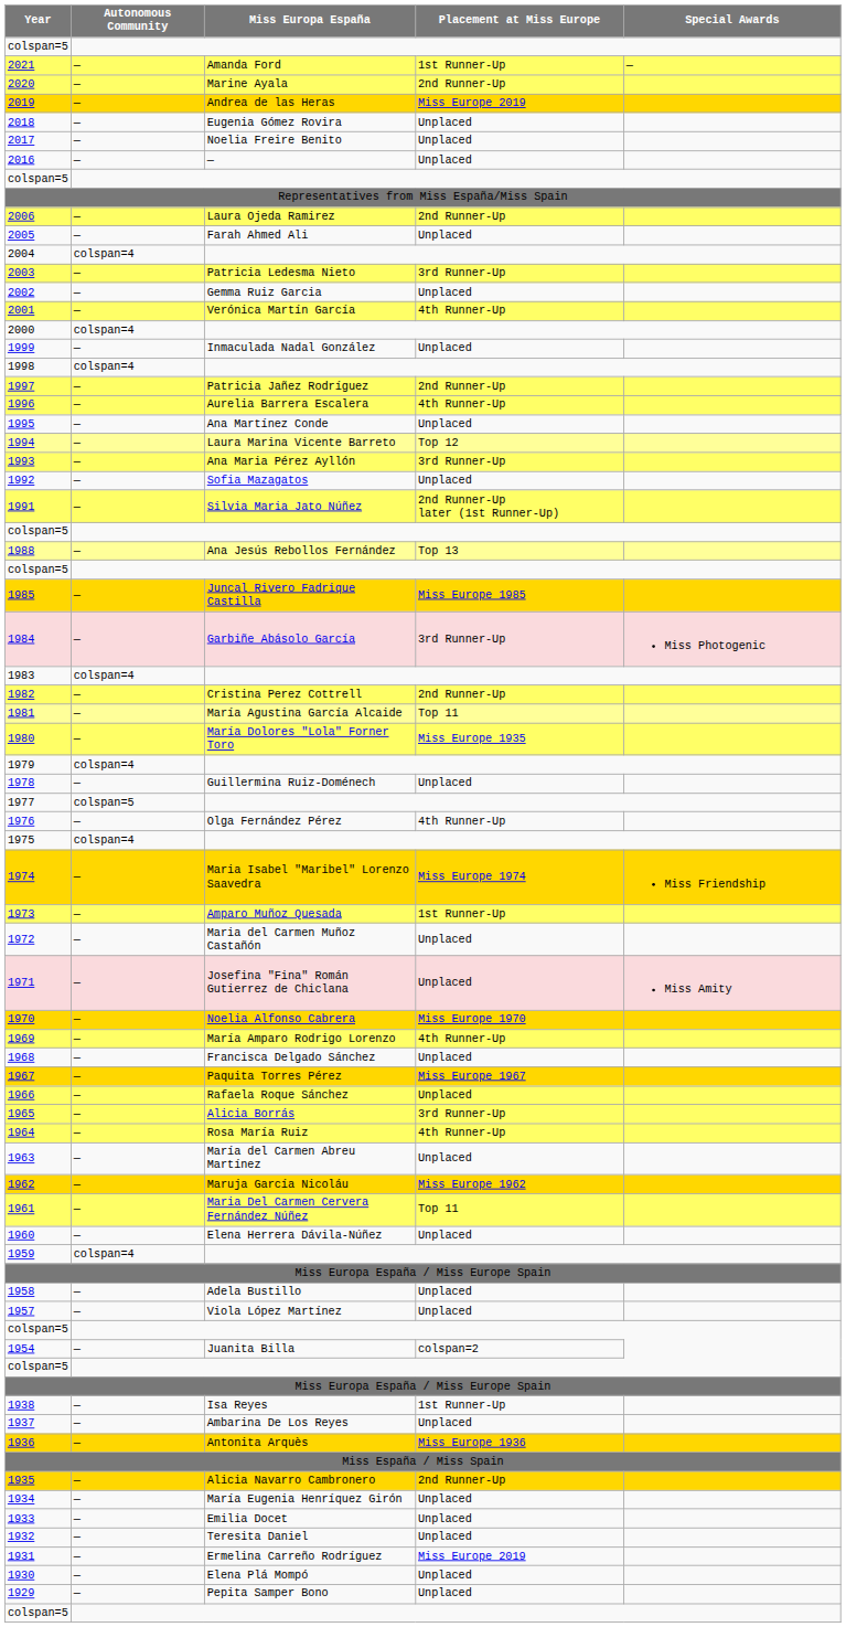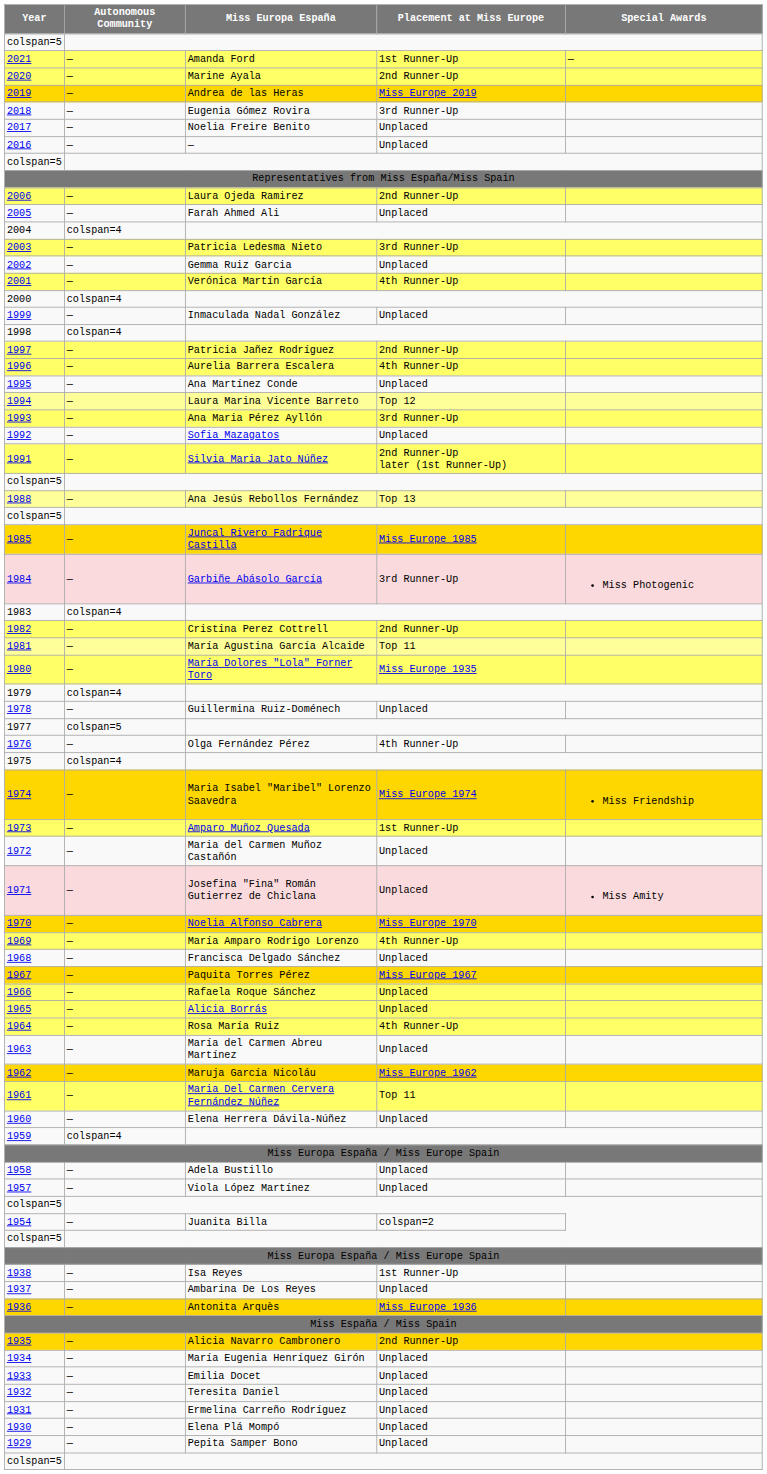 <table class="wikitable " style="font-size: 90%;">
 <tr>
 <th width="60" style="background-color:#787878;color:#FFFFFF;">Year</th>
 <th width="150" style="background-color:#787878;color:#FFFFFF;">Autonomous Community</th>
 <th width="250" style="background-color:#787878;color:#FFFFFF;">Miss Europa España</th>
 <th width="250" style="background-color:#787878;color:#FFFFFF;">Placement at Miss Europe</th>
 <th width="250" style="background-color:#787878;color:#FFFFFF;">Special Awards</th>
 </tr>
 <tr>
 <td>colspan=5 </td>
 </tr>
 <tr style="background-color:#FFFF66;">
 <td><a href='#'>2021</a></td>
 <td>—</td>
 <td>Amanda Ford</td>
 <td>1st Runner-Up</td>
 <td>—</td>
 </tr>
 <tr style="background-color:#FFFF66;">
 <td><a href='#'>2020</a></td>
 <td>—</td>
 <td>Marine Ayala</td>
 <td>2nd Runner-Up</td>
 <td></td>
 </tr>
 <tr style="background-color:GOLD">
 <td><a href='#'>2019</a></td>
 <td>—</td>
 <td>Andrea de las Heras</td>
 <td><a href='#'>Miss Europe 2019</a></td>
 <td></td>
 </tr>
 <tr>
 <td><a href='#'>2018</a></td>
 <td>—</td>
 <td>Eugenia Gómez Rovira</td>
-<td>Unplaced</td>
+<td>3rd Runner-Up</td>
 <td></td>
 </tr>
 <tr>
 <td><a href='#'>2017</a></td>
 <td>—</td>
 <td>Noelia Freire Benito</td>
 <td>Unplaced</td>
 <td></td>
 </tr>
 <tr>
 <td><a href='#'>2016</a></td>
 <td>—</td>
 <td>—</td>
 <td>Unplaced</td>
 <td></td>
 </tr>
 <tr>
 <td>colspan=5 </td>
 </tr>
 <tr bgcolor="#787878" align="center">
 <td colspan="5"><span>Representatives from Miss España/Miss Spain</span></td>
 </tr>
 <tr style="background-color:#FFFF66;">
 <td><a href='#'>2006</a></td>
 <td>—</td>
 <td>Laura Ojeda Ramirez</td>
 <td>2nd Runner-Up</td>
 <td></td>
 </tr>
 <tr>
 <td><a href='#'>2005</a></td>
 <td>—</td>
 <td>Farah Ahmed Ali</td>
 <td>Unplaced</td>
 <td></td>
 </tr>
 <tr>
 <td>2004</td>
 <td>colspan=4 </td>
 </tr>
 <tr style="background-color:#FFFF66;">
 <td><a href='#'>2003</a></td>
 <td>—</td>
 <td>Patricia Ledesma Nieto</td>
 <td>3rd Runner-Up</td>
 <td></td>
 </tr>
 <tr>
 <td><a href='#'>2002</a></td>
 <td>—</td>
 <td>Gemma Ruiz Garcia</td>
 <td>Unplaced</td>
 <td></td>
 </tr>
 <tr style="background-color:#FFFF66;">
 <td><a href='#'>2001</a></td>
 <td>—</td>
 <td>Verónica Martín García</td>
 <td>4th Runner-Up</td>
 <td></td>
 </tr>
 <tr>
 <td>2000</td>
 <td>colspan=4 </td>
 </tr>
 <tr>
 <td><a href='#'>1999</a></td>
 <td>—</td>
 <td>Inmaculada Nadal González</td>
 <td>Unplaced</td>
 <td></td>
 </tr>
 <tr>
 <td>1998</td>
 <td>colspan=4 </td>
 </tr>
 <tr style="background-color:#FFFF66;">
 <td><a href='#'>1997</a></td>
 <td>—</td>
 <td>Patricia Jañez Rodríguez</td>
 <td>2nd Runner-Up</td>
 <td></td>
 </tr>
 <tr style="background-color:#FFFF66;">
 <td><a href='#'>1996</a></td>
 <td>—</td>
 <td>Aurelia Barrera Escalera</td>
 <td>4th Runner-Up</td>
 <td></td>
 </tr>
 <tr>
 <td><a href='#'>1995</a></td>
 <td>—</td>
 <td>Ana Martínez Conde</td>
 <td>Unplaced</td>
 <td></td>
 </tr>
 <tr style="background-color:#FFFF99;">
 <td><a href='#'>1994</a></td>
 <td>—</td>
 <td>Laura Marina Vicente Barreto</td>
 <td>Top 12</td>
 <td></td>
 </tr>
 <tr style="background-color:#FFFF66;">
 <td><a href='#'>1993</a></td>
 <td>—</td>
 <td>Ana Maria Pérez Ayllón</td>
 <td>3rd Runner-Up</td>
 <td></td>
 </tr>
 <tr>
 <td><a href='#'>1992</a></td>
 <td>—</td>
 <td><a href='#'>Sofia Mazagatos</a></td>
 <td>Unplaced</td>
 <td></td>
 </tr>
 <tr style="background-color:#FFFF66;">
 <td><a href='#'>1991</a></td>
 <td>—</td>
 <td><a href='#'>Silvia Maria Jato Núñez</a></td>
 <td>2nd Runner-Up<br>later (1st Runner-Up)</td>
 <td></td>
 </tr>
 <tr>
 <td>colspan=5 </td>
 </tr>
 <tr style="background-color:#FFFF99;">
 <td><a href='#'>1988</a></td>
 <td>—</td>
 <td>Ana Jesús Rebollos Fernández</td>
 <td>Top 13</td>
 <td></td>
 </tr>
 <tr>
 <td>colspan=5 </td>
 </tr>
 <tr style="background-color:GOLD">
 <td><a href='#'>1985</a></td>
 <td>—</td>
 <td><a href='#'>Juncal Rivero Fadrique Castilla</a></td>
 <td><a href='#'>Miss Europe 1985</a></td>
 <td></td>
 </tr>
 <tr style="background-color:#FADADD;">
 <td><a href='#'>1984</a></td>
 <td>—</td>
 <td><a href='#'>Garbiñe Abásolo García</a></td>
 <td>3rd Runner-Up</td>
 <td align=left><br><ul><li>Miss Photogenic</li></ul></td>
 </tr>
 <tr>
 <td>1983</td>
 <td>colspan=4 </td>
 </tr>
 <tr style="background-color:#FFFF66;">
 <td><a href='#'>1982</a></td>
 <td>—</td>
 <td>Cristina Perez Cottrell</td>
 <td>2nd Runner-Up</td>
 <td></td>
 </tr>
 <tr style="background-color:#FFFF99;">
 <td><a href='#'>1981</a></td>
 <td>—</td>
 <td>María Agustina García Alcaide</td>
 <td>Top 11</td>
 <td></td>
 </tr>
 <tr style="background-color:#FFFF66;">
 <td><a href='#'>1980</a></td>
 <td>—</td>
 <td><a href='#'>María Dolores "Lola" Forner Toro</a></td>
 <td><a href='#'>Miss Europe 1935</a></td>
 <td></td>
 </tr>
 <tr>
 <td>1979</td>
 <td>colspan=4 </td>
 </tr>
 <tr>
 <td><a href='#'>1978</a></td>
 <td>—</td>
 <td>Guillermina Ruiz-Doménech</td>
 <td>Unplaced</td>
 <td></td>
 </tr>
 <tr>
 <td>1977</td>
 <td>colspan=5 </td>
 </tr>
 <tr>
 <td><a href='#'>1976</a></td>
 <td>—</td>
 <td>Olga Fernández Pérez</td>
 <td>4th Runner-Up</td>
 <td></td>
 </tr>
 <tr>
 <td>1975</td>
 <td>colspan=4 </td>
 </tr>
 <tr style="background-color:GOLD">
 <td><a href='#'>1974</a></td>
 <td>—</td>
 <td>Maria Isabel "Maribel" Lorenzo Saavedra</td>
 <td><a href='#'>Miss Europe 1974</a></td>
 <td align=left><br><ul><li>Miss Friendship</li></ul></td>
 </tr>
 <tr style="background-color:#FFFF66;">
 <td><a href='#'>1973</a></td>
 <td>—</td>
 <td><a href='#'>Amparo Muñoz Quesada</a></td>
 <td>1st Runner-Up</td>
 <td></td>
 </tr>
 <tr>
 <td><a href='#'>1972</a></td>
 <td>—</td>
 <td>Maria del Carmen Muñoz Castañón</td>
 <td>Unplaced</td>
 <td></td>
 </tr>
 <tr style="background-color:#FADADD;">
 <td><a href='#'>1971</a></td>
 <td>—</td>
 <td>Josefina "Fina" Román Gutierrez de Chiclana</td>
 <td>Unplaced</td>
 <td align=left><br><ul><li>Miss Amity</li></ul></td>
 </tr>
 <tr style="background-color:GOLD">
 <td><a href='#'>1970</a></td>
 <td>—</td>
 <td><a href='#'>Noelia Alfonso Cabrera</a></td>
 <td><a href='#'>Miss Europe 1970</a></td>
 <td></td>
 </tr>
 <tr style="background-color:#FFFF66;">
 <td><a href='#'>1969</a></td>
 <td>—</td>
 <td>María Amparo Rodrigo Lorenzo</td>
 <td>4th Runner-Up</td>
 <td></td>
 </tr>
 <tr>
 <td><a href='#'>1968</a></td>
 <td>—</td>
 <td>Francisca Delgado Sánchez</td>
 <td>Unplaced</td>
 <td></td>
 </tr>
 <tr style="background-color:GOLD">
 <td><a href='#'>1967</a></td>
 <td>—</td>
 <td>Paquita Torres Pérez</td>
 <td><a href='#'>Miss Europe 1967</a></td>
 <td></td>
 </tr>
 <tr style="background-color:#FFFF66;">
 <td><a href='#'>1966</a></td>
 <td>—</td>
 <td>Rafaela Roque Sánchez</td>
 <td>Unplaced</td>
 <td></td>
 </tr>
 <tr style="background-color:#FFFF66;">
 <td><a href='#'>1965</a></td>
 <td>—</td>
 <td><a href='#'>Alicia Borrás</a></td>
-<td>3rd Runner-Up</td>
+<td>Unplaced</td>
 <td></td>
 </tr>
 <tr style="background-color:#FFFF66;">
 <td><a href='#'>1964</a></td>
 <td>—</td>
 <td>Rosa María Ruiz</td>
 <td>4th Runner-Up</td>
 <td></td>
 </tr>
 <tr>
 <td><a href='#'>1963</a></td>
 <td>—</td>
 <td>María del Carmen Abreu Martínez</td>
 <td>Unplaced</td>
 <td></td>
 </tr>
 <tr style="background-color:GOLD">
 <td><a href='#'>1962</a></td>
 <td>—</td>
 <td>Maruja García Nicoláu</td>
 <td><a href='#'>Miss Europe 1962</a></td>
 <td></td>
 </tr>
 <tr style="background-color:#FFFF66;">
 <td><a href='#'>1961</a></td>
 <td>—</td>
 <td><a href='#'>Maria Del Carmen Cervera Fernández Núñez</a></td>
 <td>Top 11</td>
 <td></td>
 </tr>
 <tr>
 <td><a href='#'>1960</a></td>
 <td>—</td>
 <td>Elena Herrera Dávila-Núñez</td>
 <td>Unplaced</td>
 <td></td>
 </tr>
 <tr>
 <td><a href='#'>1959</a></td>
 <td>colspan=4 </td>
 </tr>
 <tr bgcolor="#787878" align="center">
 <td colspan="5"><span>Miss Europa España / Miss Europe Spain</span></td>
 </tr>
 <tr>
 <td><a href='#'>1958</a></td>
 <td>—</td>
 <td>Adela Bustillo</td>
 <td>Unplaced</td>
 <td></td>
 </tr>
 <tr>
 <td><a href='#'>1957</a></td>
 <td>—</td>
 <td>Viola López Martínez</td>
 <td>Unplaced</td>
 <td></td>
 </tr>
 <tr>
 <td>colspan=5 </td>
 </tr>
 <tr>
 <td><a href='#'>1954</a></td>
 <td>—</td>
 <td>Juanita Billa</td>
 <td>colspan=2 </td>
 </tr>
 <tr>
 <td>colspan=5 </td>
 </tr>
 <tr bgcolor="#787878" align="center">
 <td colspan="5"><span>Miss Europa España / Miss Europe Spain</span></td>
 </tr>
 <tr>
 <td><a href='#'>1938</a></td>
 <td>—</td>
 <td>Isa Reyes</td>
 <td>1st Runner-Up</td>
 <td></td>
 </tr>
 <tr>
 <td><a href='#'>1937</a></td>
 <td>—</td>
 <td>Ambarina De Los Reyes</td>
 <td>Unplaced</td>
 <td></td>
 </tr>
 <tr style="background-color:GOLD">
 <td><a href='#'>1936</a></td>
 <td>—</td>
 <td>Antonita Arquès</td>
 <td><a href='#'>Miss Europe 1936</a></td>
 <td></td>
 </tr>
 <tr bgcolor="#787878" align="center">
 <td colspan="5"><span>Miss España / Miss Spain</span></td>
 </tr>
 <tr style="background-color:GOLD">
 <td><a href='#'>1935</a></td>
 <td>—</td>
 <td>Alicia Navarro Cambronero</td>
 <td>2nd Runner-Up</td>
 <td></td>
 </tr>
 <tr>
 <td><a href='#'>1934</a></td>
 <td>—</td>
 <td>María Eugenia Henríquez Girón</td>
 <td>Unplaced</td>
 <td></td>
 </tr>
 <tr>
 <td><a href='#'>1933</a></td>
 <td>—</td>
 <td>Emilia Docet</td>
 <td>Unplaced</td>
 <td></td>
 </tr>
 <tr>
 <td><a href='#'>1932</a></td>
 <td>—</td>
 <td>Teresita Daniel</td>
 <td>Unplaced</td>
 <td></td>
 </tr>
 <tr>
 <td><a href='#'>1931</a></td>
 <td>—</td>
 <td>Ermelina Carreño Rodríguez</td>
-<td><a href='#'>Miss Europe 2019</a></td>
+<td>Unplaced</td>
 <td></td>
 </tr>
 <tr>
 <td><a href='#'>1930</a></td>
 <td>—</td>
 <td>Elena Plá Mompó</td>
 <td>Unplaced</td>
 <td></td>
 </tr>
 <tr>
 <td><a href='#'>1929</a></td>
 <td>—</td>
 <td>Pepita Samper Bono</td>
 <td>Unplaced</td>
 <td></td>
 </tr>
 <tr>
 <td>colspan=5 </td>
 </tr>
 </table>
